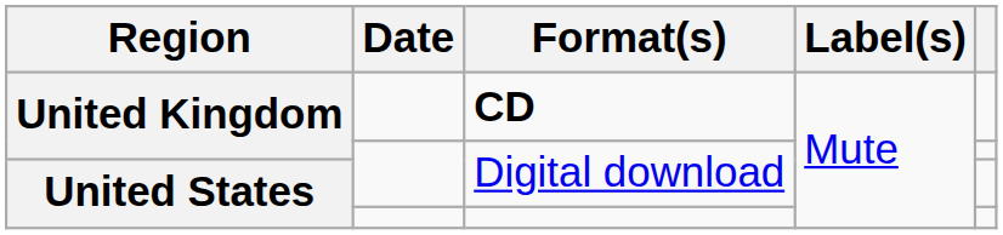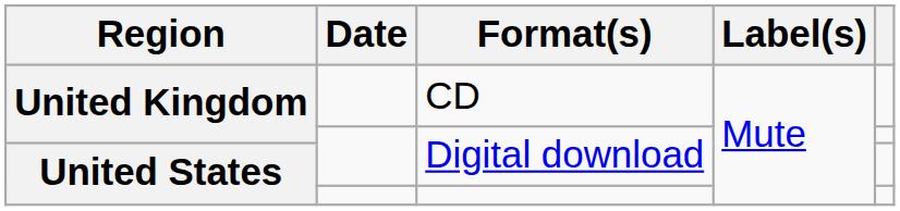 <table class="wikitable plainrowheaders">
 <tr>
 <th scope="col">Region</th>
 <th scope="col">Date</th>
 <th scope="col">Format(s)</th>
 <th scope="col">Label(s)</th>
 <th scope="col"></th>
 </tr>
 <tr>
 <th scope="row" rowspan="2">United Kingdom</th>
 <td></td>
-<td><strong>CD</strong></td>
+<td>CD</td>
 <td rowspan="4"><a href='#'>Mute</a></td>
 <td></td>
 </tr>
 <tr>
 <td rowspan="2"></td>
 <td rowspan="2"><a href='#'>Digital download</a></td>
 <td></td>
 </tr>
 <tr>
 <th scope="row" rowspan="2">United States</th>
 <td></td>
 </tr>
 <tr>
 <td></td>
 <td></td>
 <td></td>
 </tr>
 </table>
